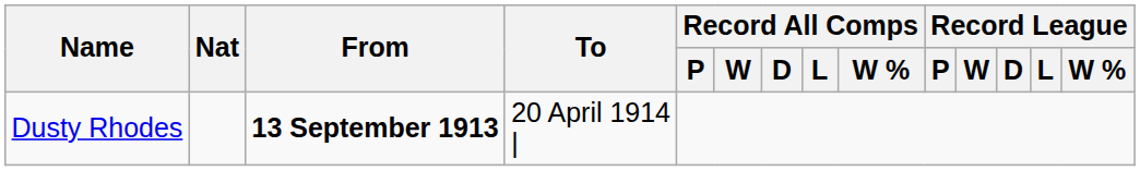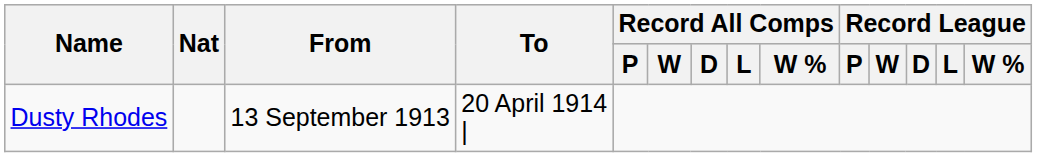 <table class="wikitable" style="text-align: center">
 <tr>
 <th rowspan="2">Name</th>
 <th rowspan="2">Nat</th>
 <th rowspan="2">From</th>
 <th rowspan="2">To</th>
 <th colspan="5">Record All Comps</th>
 <th colspan="5">Record League</th>
 </tr>
 <tr>
 <th>P</th>
 <th>W</th>
 <th>D</th>
 <th>L</th>
 <th>W %</th>
 <th>P</th>
 <th>W</th>
 <th>D</th>
 <th>L</th>
 <th>W %</th>
 </tr>
 <tr>
 <td align=left><a href='#'>Dusty Rhodes</a></td>
 <td></td>
-<td align=left><strong>13 September 1913</strong></td>
+<td align=left>13 September 1913</td>
 <td align=left>20 April 1914<br>|</td>
 </tr>
 </table>
